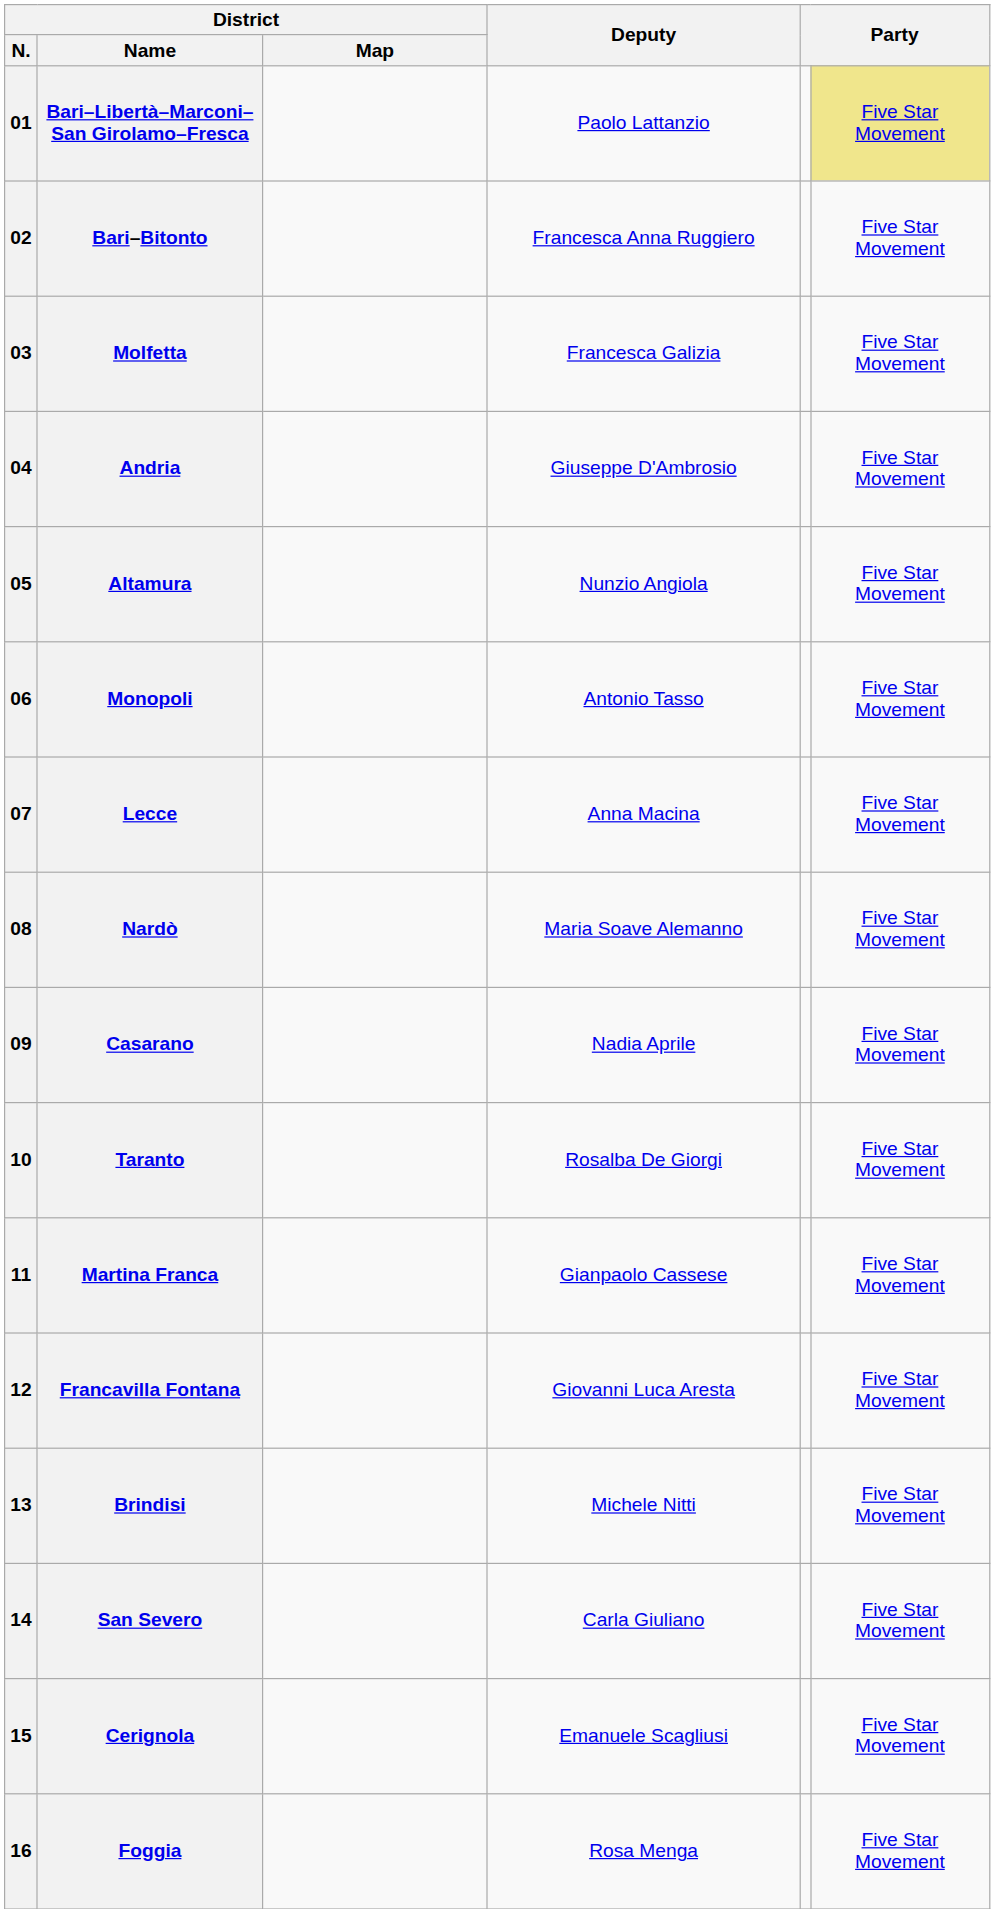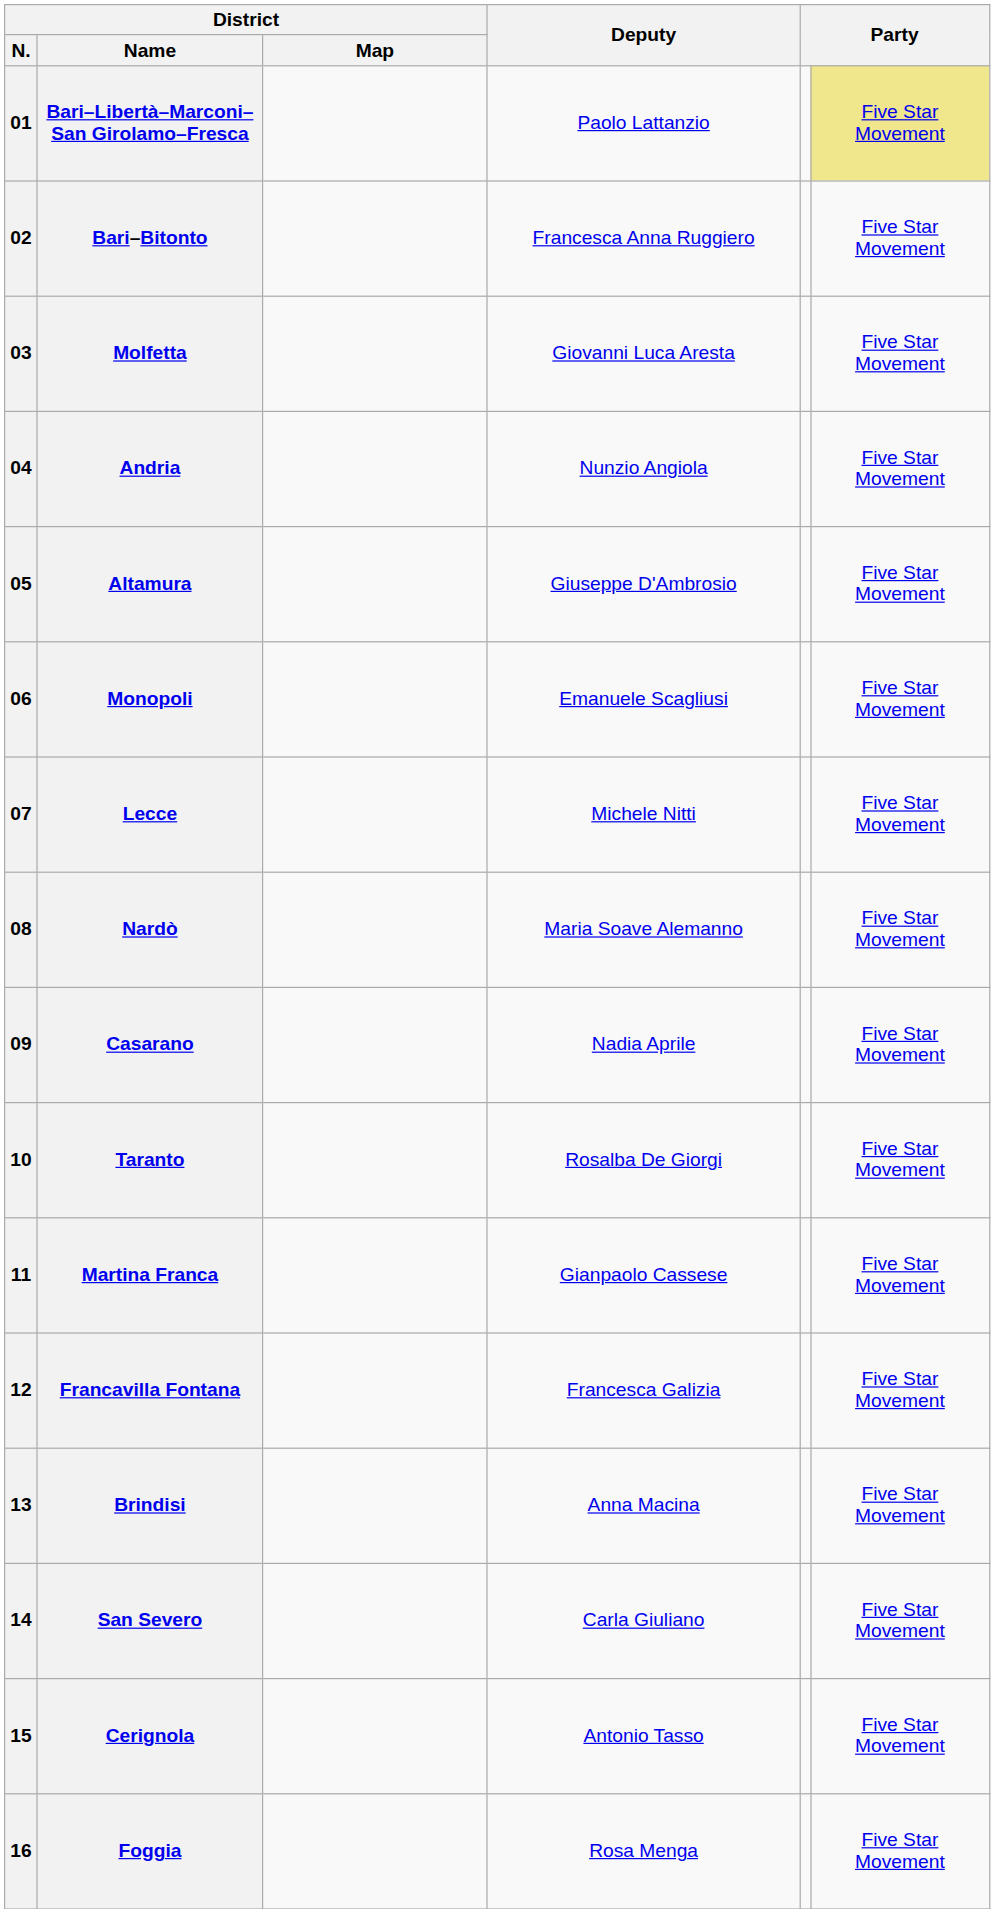 <table class="wikitable" style="text-align:center; style="width=65%">
 <tr>
 <th width=35% colspan="3">District</th>
 <th width=25% rowspan="2">Deputy</th>
 <th width=15% colspan="2" rowspan="2">Party</th>
 </tr>
 <tr>
 <th width=1%>N.</th>
 <th width=18%>Name</th>
 <th width=18%>Map</th>
 </tr>
 <tr style="height:6em;">
 <th>01</th>
 <th><a href='#'>Bari–Libertà–Marconi–San Girolamo–Fresca</a></th>
 <td></td>
 <td><a href='#'>Paolo Lattanzio</a></td>
 <td style="background:"></td>
 <td style="background: khaki;"><a href='#'>Five Star Movement</a></td>
 </tr>
 <tr style="height:6em;">
 <th>02</th>
 <th><a href='#'>Bari</a>–<a href='#'>Bitonto</a></th>
 <td></td>
 <td><a href='#'>Francesca Anna Ruggiero</a></td>
 <td style="background:"></td>
 <td colspan=3><a href='#'>Five Star Movement</a></td>
 </tr>
 <tr style="height:6em;">
 <th>03</th>
 <th><a href='#'>Molfetta</a></th>
 <td></td>
-<td><a href='#'>Francesca Galizia</a></td>
+<td><a href='#'>Giovanni Luca Aresta</a></td>
 <td style="background:"></td>
 <td colspan=3><a href='#'>Five Star Movement</a></td>
 </tr>
 <tr style="height:6em;">
 <th>04</th>
 <th><a href='#'>Andria</a></th>
 <td></td>
-<td><a href='#'>Giuseppe D'Ambrosio</a></td>
+<td><a href='#'>Nunzio Angiola</a></td>
 <td style="background:"></td>
 <td colspan=3><a href='#'>Five Star Movement</a></td>
 </tr>
 <tr style="height:6em;">
 <th>05</th>
 <th><a href='#'>Altamura</a></th>
 <td></td>
-<td><a href='#'>Nunzio Angiola</a></td>
+<td><a href='#'>Giuseppe D'Ambrosio</a></td>
 <td style="background:"></td>
 <td colspan=3><a href='#'>Five Star Movement</a></td>
 </tr>
 <tr style="height:6em;">
 <th>06</th>
 <th><a href='#'>Monopoli</a></th>
 <td></td>
-<td><a href='#'>Antonio Tasso</a></td>
+<td><a href='#'>Emanuele Scagliusi</a></td>
 <td style="background:"></td>
 <td colspan=3><a href='#'>Five Star Movement</a></td>
 </tr>
 <tr style="height:6em;">
 <th>07</th>
 <th><a href='#'>Lecce</a></th>
 <td></td>
-<td><a href='#'>Anna Macina</a></td>
+<td><a href='#'>Michele Nitti</a></td>
 <td style="background:"></td>
 <td colspan=3><a href='#'>Five Star Movement</a></td>
 </tr>
 <tr style="height:6em;">
 <th>08</th>
 <th><a href='#'>Nardò</a></th>
 <td></td>
 <td><a href='#'>Maria Soave Alemanno</a></td>
 <td style="background:"></td>
 <td colspan=3><a href='#'>Five Star Movement</a></td>
 </tr>
 <tr style="height:6em;">
 <th>09</th>
 <th><a href='#'>Casarano</a></th>
 <td></td>
 <td><a href='#'>Nadia Aprile</a></td>
 <td style="background:"></td>
 <td colspan=3><a href='#'>Five Star Movement</a></td>
 </tr>
 <tr style="height:6em;">
 <th>10</th>
 <th><a href='#'>Taranto</a></th>
 <td></td>
 <td><a href='#'>Rosalba De Giorgi</a></td>
 <td style="background:"></td>
 <td colspan=3><a href='#'>Five Star Movement</a></td>
 </tr>
 <tr style="height:6em;">
 <th>11</th>
 <th><a href='#'>Martina Franca</a></th>
 <td></td>
 <td><a href='#'>Gianpaolo Cassese</a></td>
 <td style="background:"></td>
 <td colspan=3><a href='#'>Five Star Movement</a></td>
 </tr>
 <tr style="height:6em;">
 <th>12</th>
 <th><a href='#'>Francavilla Fontana</a></th>
 <td></td>
-<td><a href='#'>Giovanni Luca Aresta</a></td>
+<td><a href='#'>Francesca Galizia</a></td>
 <td style="background:"></td>
 <td colspan=3><a href='#'>Five Star Movement</a></td>
 </tr>
 <tr style="height:6em;">
 <th>13</th>
 <th><a href='#'>Brindisi</a></th>
 <td></td>
-<td><a href='#'>Michele Nitti</a></td>
+<td><a href='#'>Anna Macina</a></td>
 <td style="background:"></td>
 <td colspan=3><a href='#'>Five Star Movement</a></td>
 </tr>
 <tr style="height:6em;">
 <th>14</th>
 <th><a href='#'>San Severo</a></th>
 <td></td>
 <td><a href='#'>Carla Giuliano</a></td>
 <td style="background:"></td>
 <td colspan=3><a href='#'>Five Star Movement</a></td>
 </tr>
 <tr style="height:6em;">
 <th>15</th>
 <th><a href='#'>Cerignola</a></th>
 <td></td>
-<td><a href='#'>Emanuele Scagliusi</a></td>
+<td><a href='#'>Antonio Tasso</a></td>
 <td style="background:"></td>
 <td colspan=3><a href='#'>Five Star Movement</a></td>
 </tr>
 <tr style="height:6em;">
 <th>16</th>
 <th><a href='#'>Foggia</a></th>
 <td></td>
 <td><a href='#'>Rosa Menga</a></td>
 <td style="background:"></td>
 <td colspan=3><a href='#'>Five Star Movement</a></td>
 </tr>
 </table>
